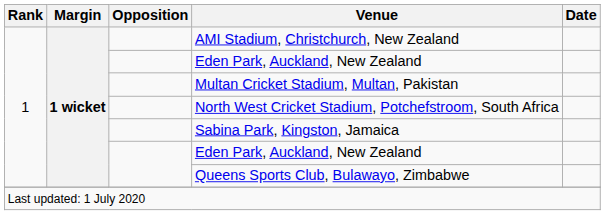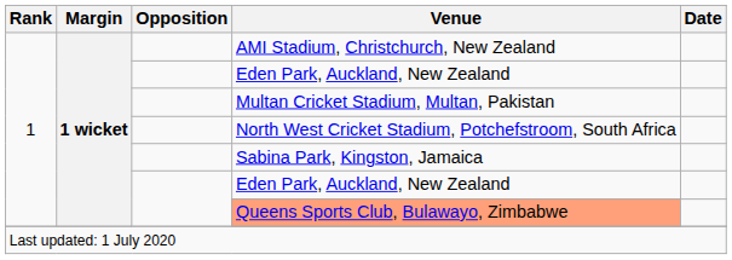 <table class="wikitable plainrowheaders sortable">
 <tr>
 <th scope=col>Rank</th>
 <th scope=col>Margin</th>
 <th scope=col>Opposition</th>
 <th scope=col>Venue</th>
 <th scope=col>Date</th>
 </tr>
 <tr>
 <td align=center rowspan=7>1</td>
 <th scope=row style=text-align:center rowspan=7>1 wicket</th>
 <td></td>
 <td><a href='#'>AMI Stadium</a>, <a href='#'>Christchurch</a>, New Zealand</td>
 <td></td>
 </tr>
 <tr>
 <td></td>
 <td><a href='#'>Eden Park</a>, <a href='#'>Auckland</a>, New Zealand</td>
 <td></td>
 </tr>
 <tr>
 <td></td>
 <td><a href='#'>Multan Cricket Stadium</a>, <a href='#'>Multan</a>, Pakistan</td>
 <td></td>
 </tr>
 <tr>
 <td></td>
 <td><a href='#'>North West Cricket Stadium</a>, <a href='#'>Potchefstroom</a>, South Africa</td>
 <td></td>
 </tr>
 <tr>
 <td></td>
 <td><a href='#'>Sabina Park</a>, <a href='#'>Kingston</a>, Jamaica</td>
 <td> </td>
 </tr>
 <tr>
 <td rowspan=2></td>
 <td><a href='#'>Eden Park</a>, <a href='#'>Auckland</a>, New Zealand</td>
 <td></td>
 </tr>
 <tr>
-<td><a href='#'>Queens Sports Club</a>, <a href='#'>Bulawayo</a>, Zimbabwe</td>
+<td style="background: lightsalmon;"><a href='#'>Queens Sports Club</a>, <a href='#'>Bulawayo</a>, Zimbabwe</td>
 <td></td>
 </tr>
 <tr>
 </tr>
 <tr class=sortbottom>
 <td colspan=5><small>Last updated: 1 July 2020</small></td>
 </tr>
 </table>
